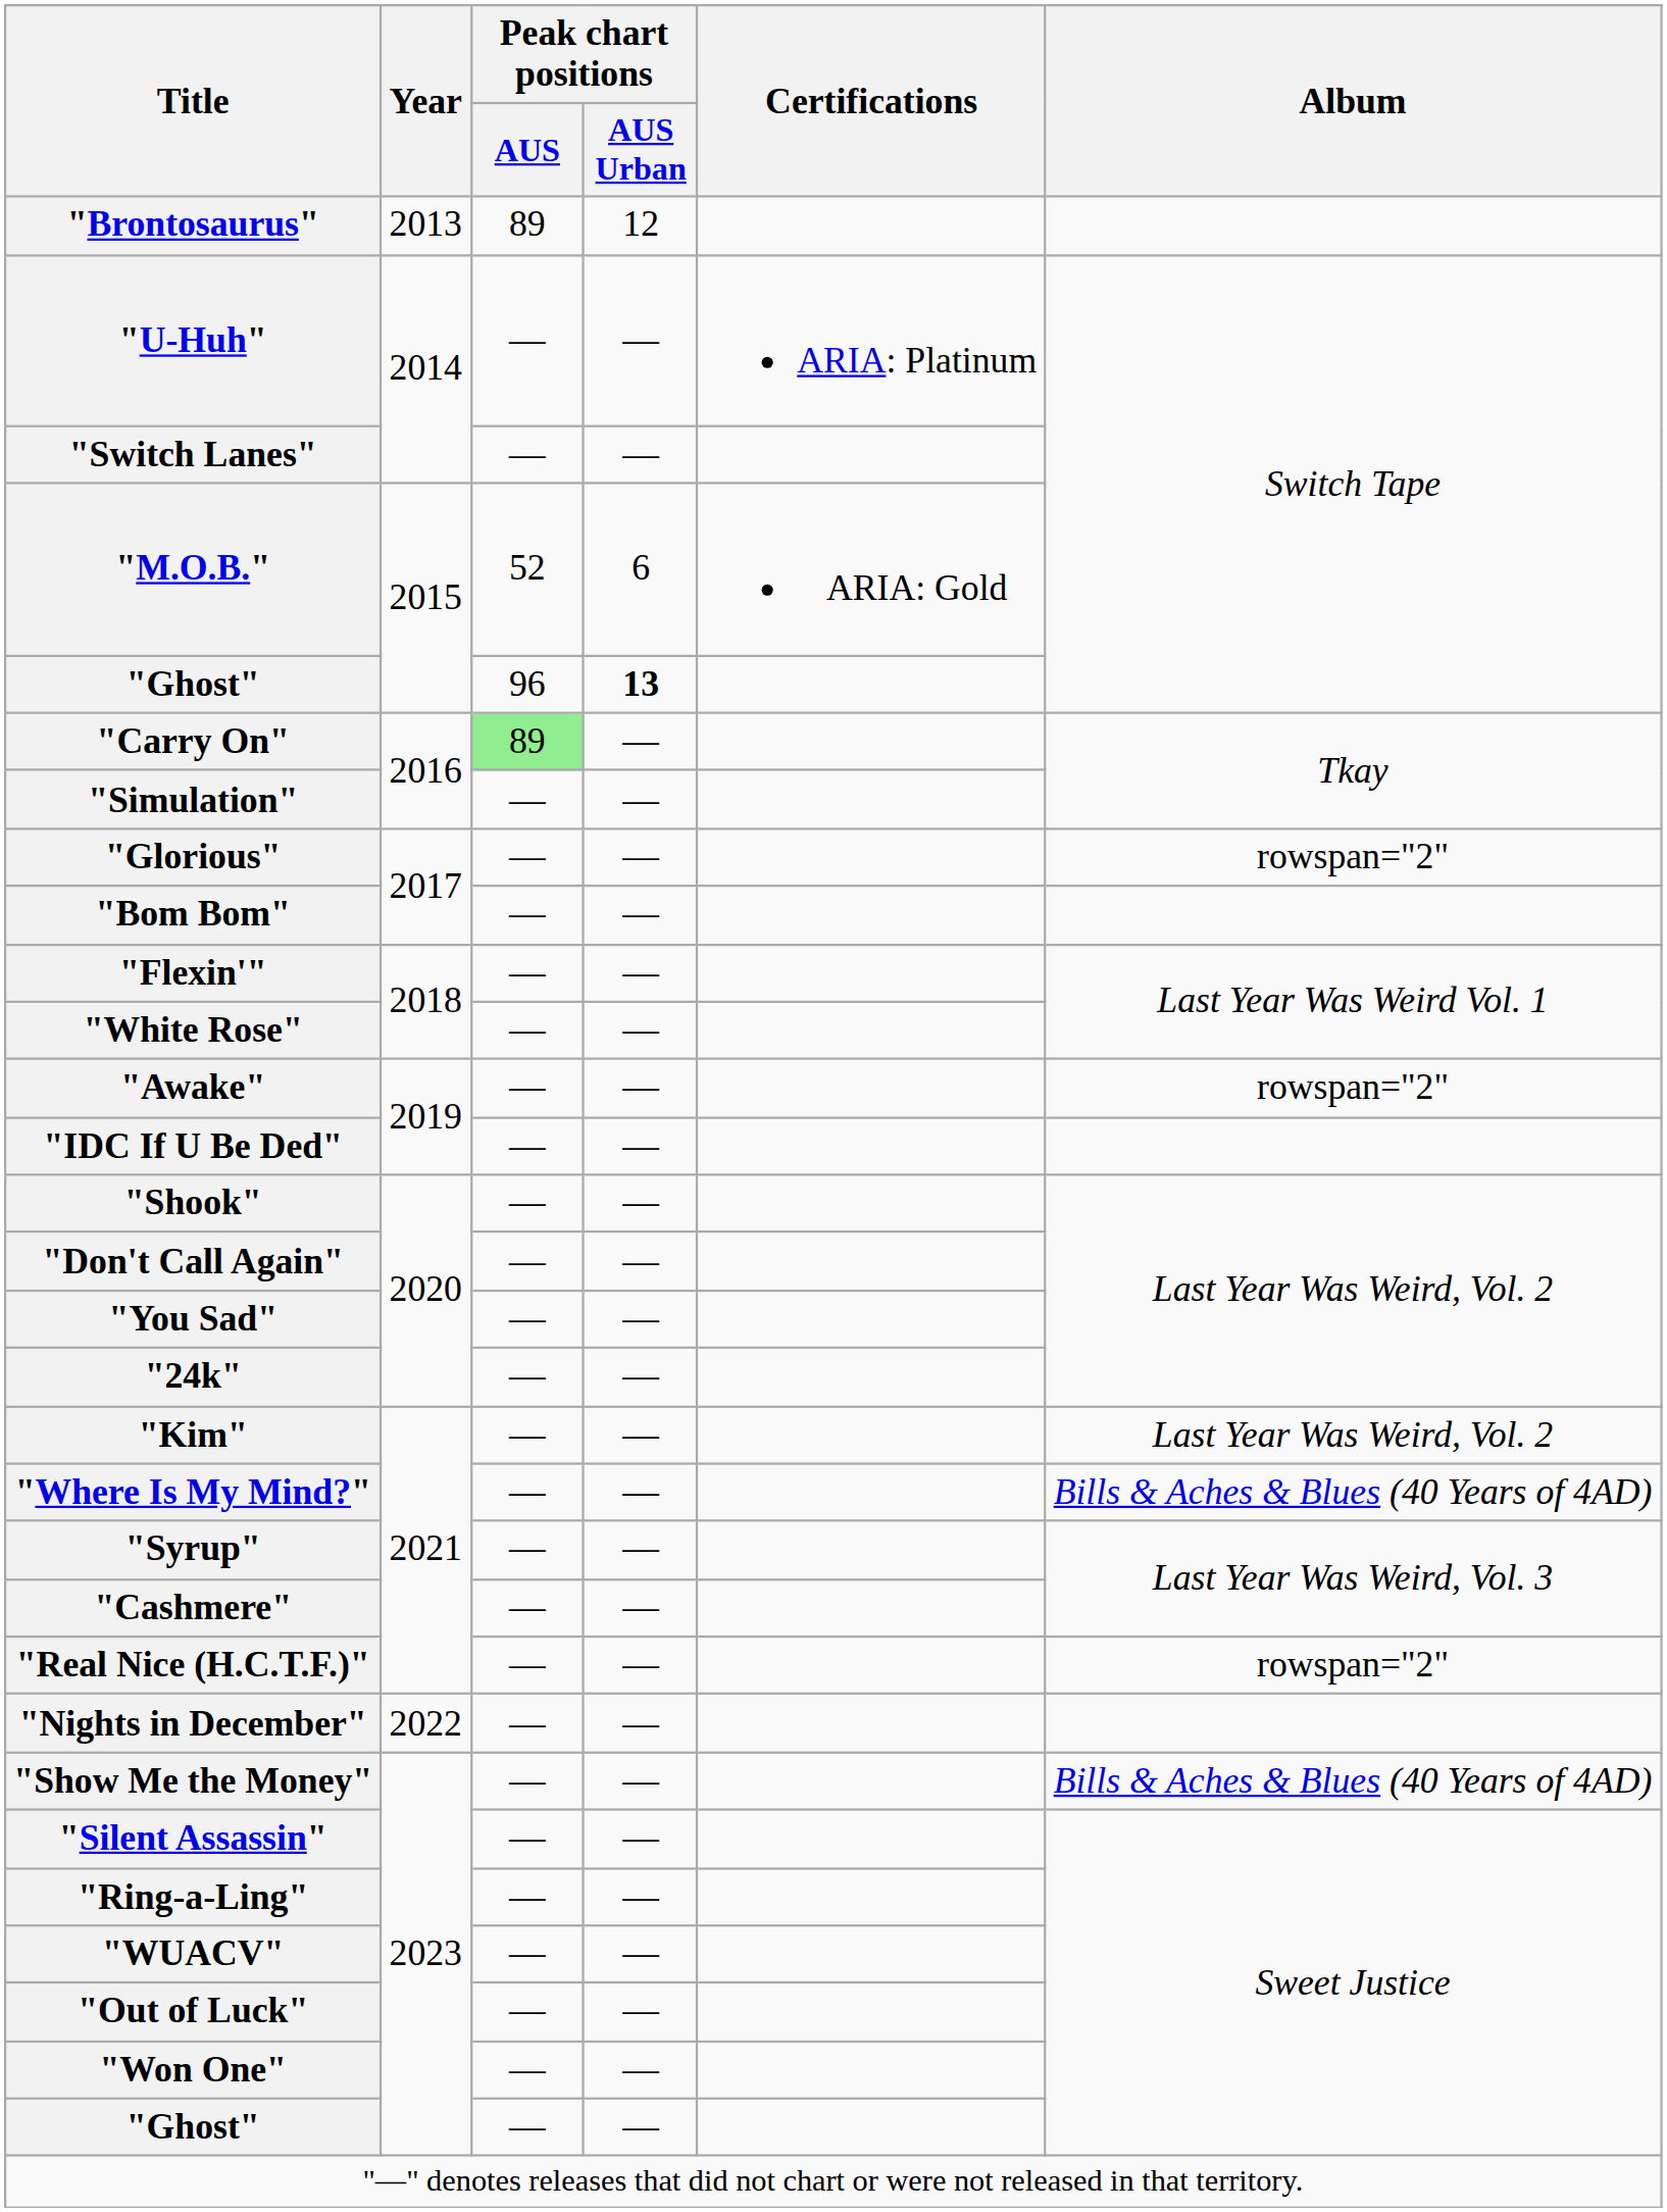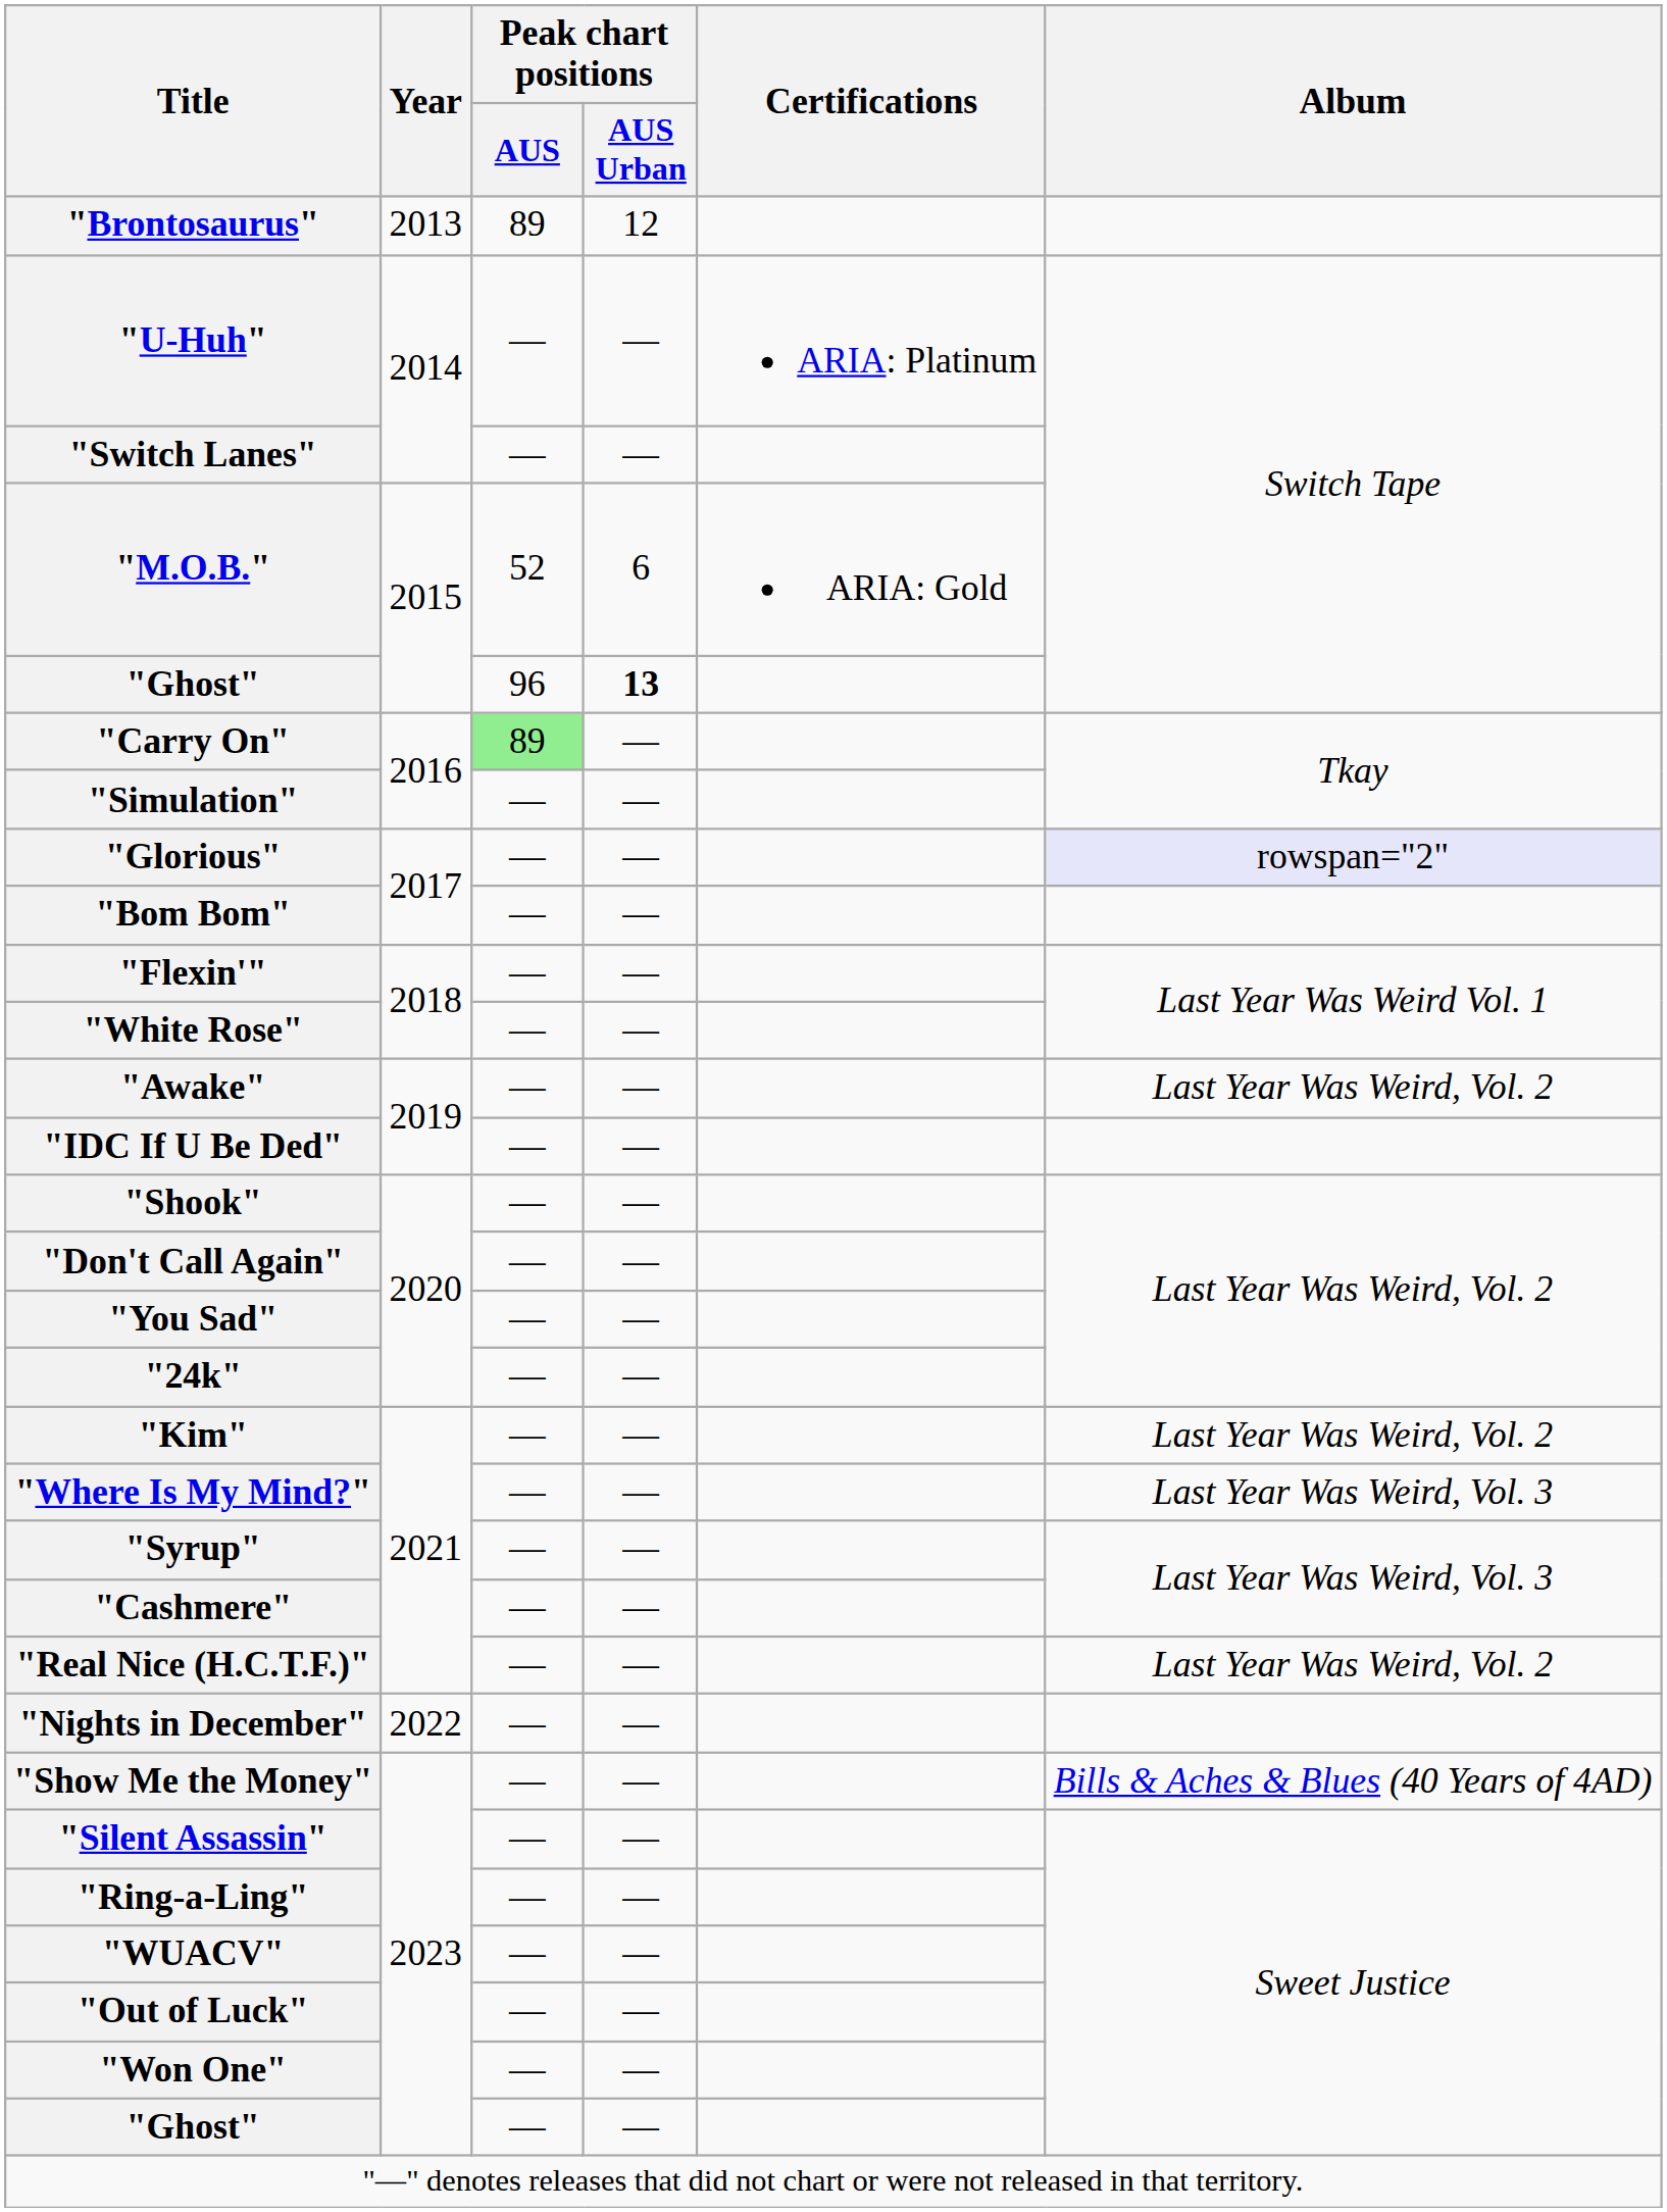 <table class="wikitable plainrowheaders" style="text-align:center">
 <tr>
 <th scope="col" rowspan="2">Title</th>
 <th scope="col" rowspan="2">Year</th>
 <th scope="col" colspan="2">Peak chart positions</th>
 <th scope="col" rowspan="2">Certifications</th>
 <th scope="col" rowspan="2">Album</th>
 </tr>
 <tr>
 <th scope="col" style="width:3em;font-size:90%;"><a href='#'>AUS</a><br></th>
 <th scope="col" style="width:3em;font-size:90%;"><a href='#'>AUS <br>Urban</a> <br></th>
 </tr>
 <tr>
 <th scope="row">"<a href='#'>Brontosaurus</a>"</th>
 <td>2013</td>
 <td>89</td>
 <td>12</td>
 <td></td>
 <td></td>
 </tr>
 <tr>
 <th scope="row">"<a href='#'>U-Huh</a>"</th>
 <td rowspan="2">2014</td>
 <td>—</td>
 <td>—</td>
 <td><br><ul><li><a href='#'>ARIA</a>: Platinum</li></ul></td>
 <td rowspan="4"><em>Switch Tape</em></td>
 </tr>
 <tr>
 <th scope="row">"Switch Lanes"</th>
 <td>—</td>
 <td>—</td>
 <td></td>
 </tr>
 <tr>
 <th scope="row">"<a href='#'>M.O.B.</a>"</th>
 <td rowspan="2">2015</td>
 <td>52</td>
 <td>6</td>
 <td><br><ul><li>ARIA: Gold</li></ul></td>
 </tr>
 <tr>
 <th scope="row">"Ghost"</th>
 <td>96</td>
 <td><strong>13</strong></td>
 <td></td>
 </tr>
 <tr>
 <th scope="row">"Carry On"<br> </th>
 <td rowspan="2">2016</td>
 <td style="background: lightgreen;">89</td>
 <td>—</td>
 <td></td>
 <td rowspan="2"><em>Tkay</em></td>
 </tr>
 <tr>
 <th scope="row">"Simulation"</th>
 <td>—</td>
 <td>—</td>
 <td></td>
 </tr>
 <tr>
 <th scope="row">"Glorious"</th>
 <td rowspan="2">2017</td>
 <td>—</td>
 <td>—</td>
 <td></td>
-<td>rowspan="2" </td>
+<td style="background: lavender;">rowspan="2" </td>
 </tr>
 <tr>
 <th scope="row">"Bom Bom"<br></th>
 <td>—</td>
 <td>—</td>
 <td></td>
 </tr>
 <tr>
 <th scope="row">"Flexin'"<br></th>
 <td rowspan="2">2018</td>
 <td>—</td>
 <td>—</td>
 <td></td>
 <td rowspan="2"><em>Last Year Was Weird Vol. 1</em></td>
 </tr>
 <tr>
 <th scope="row">"White Rose"</th>
 <td>—</td>
 <td>—</td>
 <td></td>
 </tr>
 <tr>
 <th scope="row">"Awake"<br></th>
 <td rowspan="2">2019</td>
 <td>—</td>
 <td>—</td>
 <td></td>
-<td>rowspan="2" </td>
+<td><em>Last Year Was Weird, Vol. 2</em></td>
 </tr>
 <tr>
 <th scope="row">"IDC If U Be Ded"</th>
 <td>—</td>
 <td>—</td>
 <td></td>
 <td></td>
 </tr>
 <tr>
 <th scope="row">"Shook"</th>
 <td rowspan="4">2020</td>
 <td>—</td>
 <td>—</td>
 <td></td>
 <td rowspan="4"><em>Last Year Was Weird, Vol. 2</em></td>
 </tr>
 <tr>
 <th scope="row">"Don't Call Again"<br></th>
 <td>—</td>
 <td>—</td>
 <td></td>
 </tr>
 <tr>
 <th scope="row">"You Sad"</th>
 <td>—</td>
 <td>—</td>
 <td></td>
 </tr>
 <tr>
 <th scope="row">"24k"</th>
 <td>—</td>
 <td>—</td>
 <td></td>
 </tr>
 <tr>
 <th scope="row">"Kim"<br></th>
 <td rowspan="5">2021</td>
 <td>—</td>
 <td>—</td>
 <td></td>
 <td><em>Last Year Was Weird, Vol. 2</em></td>
 </tr>
 <tr>
 <th scope="row">"<a href='#'>Where Is My Mind?</a>"</th>
 <td>—</td>
 <td>—</td>
 <td></td>
-<td><em><a href='#'>Bills & Aches & Blues</a> (40 Years of 4AD)</em></td>
+<td><em>Last Year Was Weird, Vol. 3</em></td>
 </tr>
 <tr>
 <th scope="row">"Syrup"</th>
 <td>—</td>
 <td>—</td>
 <td></td>
 <td rowspan="2"><em>Last Year Was Weird, Vol. 3</em></td>
 </tr>
 <tr>
 <th scope="row">"Cashmere"</th>
 <td>—</td>
 <td>—</td>
 <td></td>
 </tr>
 <tr>
 <th scope="row">"Real Nice (H.C.T.F.)"<br></th>
 <td>—</td>
 <td>—</td>
 <td></td>
-<td>rowspan="2" </td>
+<td><em>Last Year Was Weird, Vol. 2</em></td>
 </tr>
 <tr>
 <th scope="row">"Nights in December"</th>
 <td>2022</td>
 <td>—</td>
 <td>—</td>
 <td></td>
 </tr>
 <tr>
 <th scope="row">"Show Me the Money"<br></th>
 <td rowspan="7">2023</td>
 <td>—</td>
 <td>—</td>
 <td></td>
 <td><em><a href='#'>Bills & Aches & Blues</a> (40 Years of 4AD)</em></td>
 </tr>
 <tr>
 <th scope="row">"<a href='#'>Silent Assassin</a>"<br></th>
 <td>—</td>
 <td>—</td>
 <td></td>
 <td rowspan="6"><em>Sweet Justice</em></td>
 </tr>
 <tr>
 <th scope="row">"Ring-a-Ling"</th>
 <td>—</td>
 <td>—</td>
 <td></td>
 </tr>
 <tr>
 <th scope="row">"WUACV"</th>
 <td>—</td>
 <td>—</td>
 <td></td>
 </tr>
 <tr>
 <th scope="row">"Out of Luck"<br></th>
 <td>—</td>
 <td>—</td>
 <td></td>
 </tr>
 <tr>
 <th scope="row">"Won One"</th>
 <td>—</td>
 <td>—</td>
 <td></td>
 </tr>
 <tr>
 <th scope="row">"Ghost"</th>
 <td>—</td>
 <td>—</td>
 <td></td>
 </tr>
 <tr>
 <td colspan="12" style="font-size:85%">"—" denotes releases that did not chart or were not released in that territory.</td>
 </tr>
 </table>
